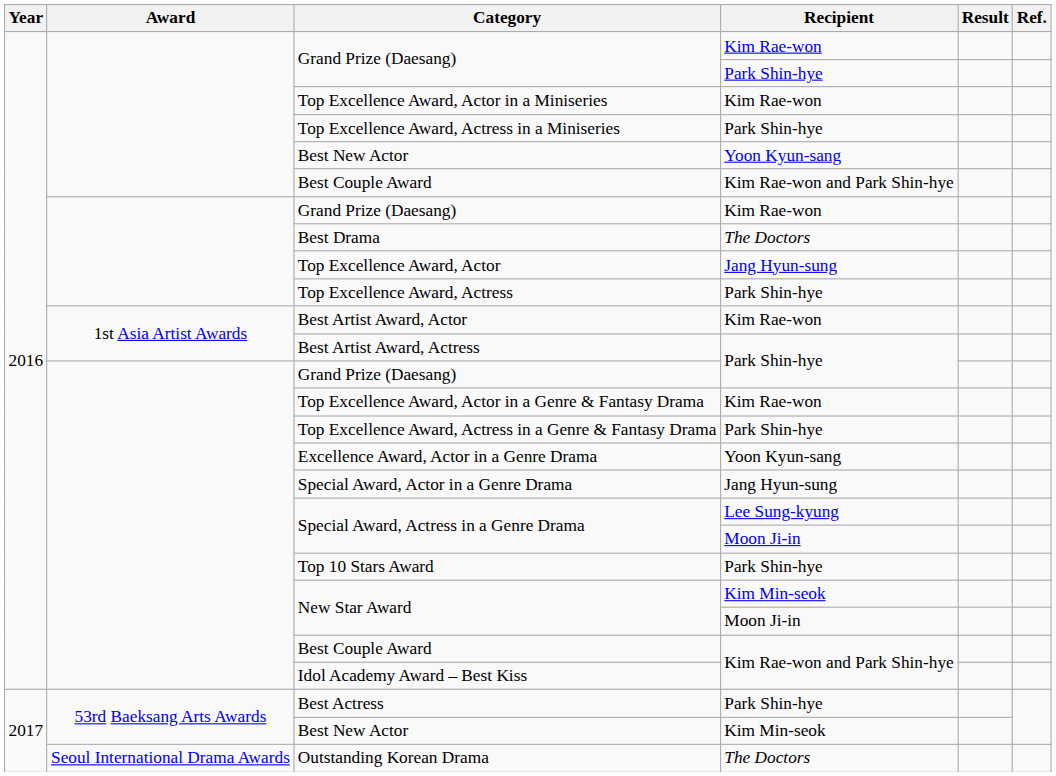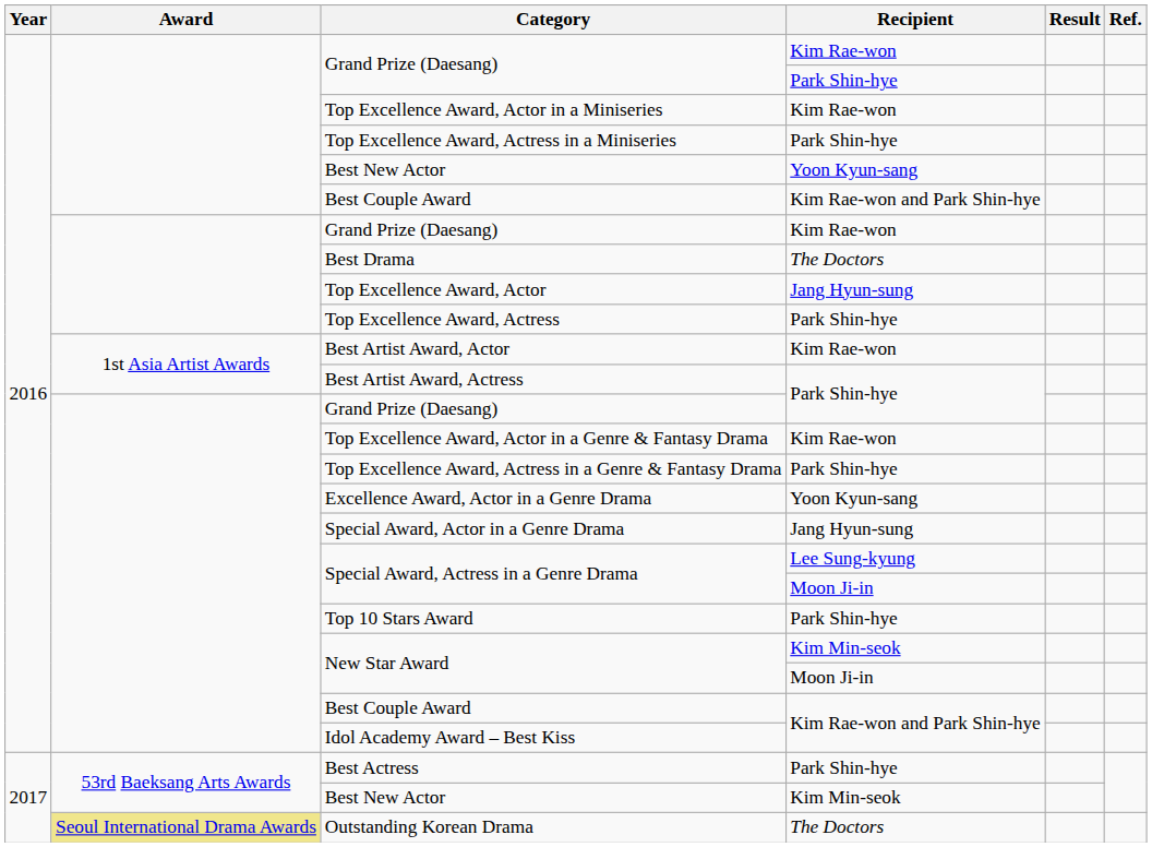 <table class="wikitable">
 <tr>
 <th>Year</th>
 <th>Award</th>
 <th>Category</th>
 <th>Recipient</th>
 <th>Result</th>
 <th>Ref.</th>
 </tr>
 <tr>
 <td rowspan=24>2016</td>
 <td rowspan=6></td>
 <td rowspan="2">Grand Prize (Daesang)</td>
 <td><a href='#'>Kim Rae-won</a></td>
 <td></td>
 <td></td>
 </tr>
 <tr>
 <td><a href='#'>Park Shin-hye</a></td>
 <td></td>
 <td></td>
 </tr>
 <tr>
 <td>Top Excellence Award, Actor in a Miniseries</td>
 <td>Kim Rae-won</td>
 <td></td>
 <td></td>
 </tr>
 <tr>
 <td>Top Excellence Award, Actress in a Miniseries</td>
 <td>Park Shin-hye</td>
 <td></td>
 <td></td>
 </tr>
 <tr>
 <td>Best New Actor</td>
 <td><a href='#'>Yoon Kyun-sang</a></td>
 <td></td>
 <td></td>
 </tr>
 <tr>
 <td>Best Couple Award</td>
 <td>Kim Rae-won and Park Shin-hye</td>
 <td></td>
 <td></td>
 </tr>
 <tr>
 <td rowspan=4></td>
 <td>Grand Prize (Daesang)</td>
 <td>Kim Rae-won</td>
 <td></td>
 <td></td>
 </tr>
 <tr>
 <td>Best Drama</td>
 <td><em>The Doctors</em></td>
 <td></td>
 <td></td>
 </tr>
 <tr>
 <td>Top Excellence Award, Actor</td>
 <td><a href='#'>Jang Hyun-sung</a></td>
 <td></td>
 <td></td>
 </tr>
 <tr>
 <td>Top Excellence Award, Actress</td>
 <td>Park Shin-hye</td>
 <td></td>
 <td></td>
 </tr>
 <tr>
 <td rowspan=2 style="text-align:center;">1st <a href='#'>Asia Artist Awards</a></td>
 <td>Best Artist Award, Actor</td>
 <td>Kim Rae-won</td>
 <td></td>
 <td></td>
 </tr>
 <tr>
 <td>Best Artist Award, Actress</td>
 <td rowspan=2>Park Shin-hye</td>
 <td></td>
 <td></td>
 </tr>
 <tr>
 <td rowspan=12></td>
 <td>Grand Prize (Daesang)</td>
 <td></td>
 <td></td>
 </tr>
 <tr>
 <td>Top Excellence Award, Actor in a Genre & Fantasy Drama</td>
 <td>Kim Rae-won</td>
 <td></td>
 <td></td>
 </tr>
 <tr>
 <td>Top Excellence Award, Actress in a Genre & Fantasy Drama</td>
 <td>Park Shin-hye</td>
 <td></td>
 <td></td>
 </tr>
 <tr>
 <td>Excellence Award, Actor in a Genre Drama</td>
 <td>Yoon Kyun-sang</td>
 <td></td>
 <td></td>
 </tr>
 <tr>
 <td>Special Award, Actor in a Genre Drama</td>
 <td>Jang Hyun-sung</td>
 <td></td>
 <td></td>
 </tr>
 <tr>
 <td rowspan=2>Special Award, Actress in a Genre Drama</td>
 <td><a href='#'>Lee Sung-kyung</a></td>
 <td></td>
 <td></td>
 </tr>
 <tr>
 <td><a href='#'>Moon Ji-in</a></td>
 <td></td>
 <td></td>
 </tr>
 <tr>
 <td>Top 10 Stars Award</td>
 <td>Park Shin-hye</td>
 <td></td>
 <td></td>
 </tr>
 <tr>
 <td rowspan=2>New Star Award</td>
 <td><a href='#'>Kim Min-seok</a></td>
 <td></td>
 <td></td>
 </tr>
 <tr>
 <td>Moon Ji-in</td>
 <td></td>
 <td></td>
 </tr>
 <tr>
 <td>Best Couple Award</td>
 <td rowspan=2>Kim Rae-won and Park Shin-hye</td>
 <td></td>
 <td></td>
 </tr>
 <tr>
 <td>Idol Academy Award – Best Kiss</td>
 <td></td>
 <td></td>
 </tr>
 <tr>
 <td rowspan=3>2017</td>
 <td rowspan=2 style="text-align:center;"><a href='#'>53rd</a> <a href='#'>Baeksang Arts Awards</a></td>
 <td>Best Actress</td>
 <td>Park Shin-hye</td>
 <td></td>
 <td rowspan=2></td>
 </tr>
 <tr>
 <td>Best New Actor</td>
 <td>Kim Min-seok</td>
 <td></td>
 </tr>
 <tr>
-<td style="text-align:center;"><a href='#'>Seoul International Drama Awards</a></td>
+<td style="background: khaki; text-align:center;"><a href='#'>Seoul International Drama Awards</a></td>
 <td>Outstanding Korean Drama</td>
 <td><em>The Doctors</em></td>
 <td></td>
 <td></td>
 </tr>
 <tr>
 </tr>
 </table>
